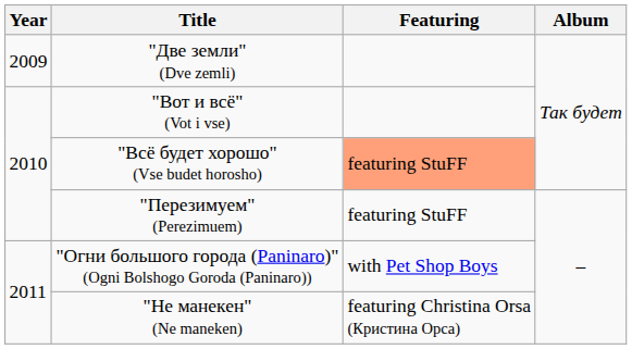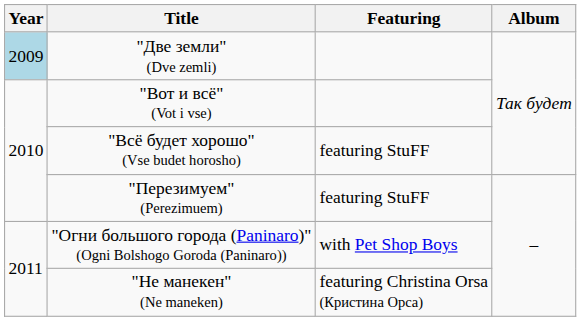 <table class="wikitable">
 <tr>
 <th>Year</th>
 <th>Title</th>
 <th>Featuring</th>
 <th>Album</th>
 </tr>
 <tr>
-<td rowspan=1>2009</td>
+<td rowspan=1 style="background: lightblue;">2009</td>
 <td align="center">"Две земли"<br><small>(Dve zemli)</small></td>
 <td></td>
 <td align="center" rowspan=3><em>Так будет</em></td>
 </tr>
 <tr>
 <td rowspan=3>2010</td>
 <td align="center">"Вот и всё"<br><small>(Vot i vse)</small></td>
 <td></td>
 </tr>
 <tr>
 <td align="center">"Всё будет хорошо"<br><small>(Vse budet horosho)</small></td>
-<td style="background: lightsalmon;">featuring StuFF</td>
+<td>featuring StuFF</td>
 </tr>
 <tr>
 <td align="center">"Перезимуем"<br><small>(Perezimuem)</small></td>
 <td>featuring StuFF</td>
 <td align="center" rowspan=3>–</td>
 </tr>
 <tr>
 <td rowspan=2>2011</td>
 <td align="center">"Огни большого города (<a href='#'>Paninaro</a>)"<br><small>(Ogni Bolshogo Goroda (Paninaro))</small></td>
 <td>with <a href='#'>Pet Shop Boys</a></td>
 </tr>
 <tr>
 <td align="center">"Не манекен"<br><small>(Ne maneken)</small></td>
 <td>featuring Christina Orsa<br><small>(Кристина Орса)</small></td>
 </tr>
 </table>
